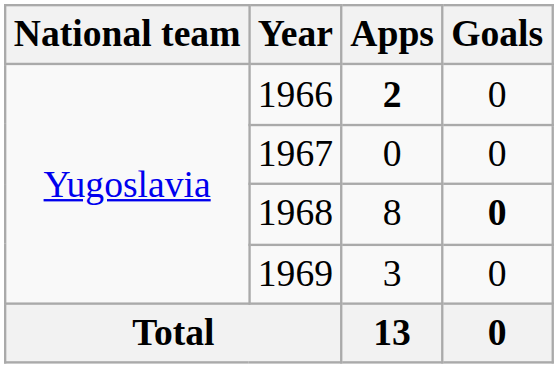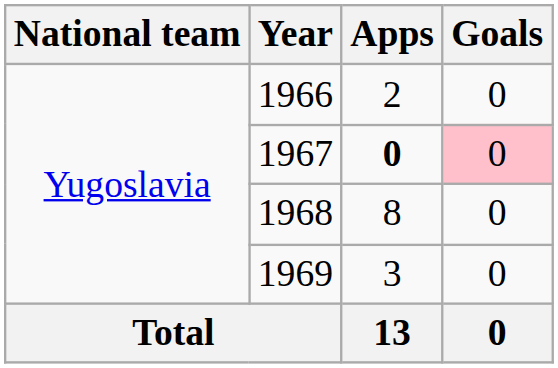 <table class="wikitable" style="text-align:center">
 <tr>
 <th>National team</th>
 <th>Year</th>
 <th>Apps</th>
 <th>Goals</th>
 </tr>
 <tr>
 <td rowspan="4"><a href='#'>Yugoslavia</a></td>
 <td>1966</td>
-<td><strong>2</strong></td>
+<td>2</td>
 <td>0</td>
 </tr>
 <tr>
 <td>1967</td>
-<td>0</td>
-<td>0</td>
+<td><strong>0</strong></td>
+<td style="background: pink;">0</td>
 </tr>
 <tr>
 <td>1968</td>
 <td>8</td>
-<td><strong>0</strong></td>
+<td>0</td>
 </tr>
 <tr>
 <td>1969</td>
 <td>3</td>
 <td>0</td>
 </tr>
 <tr>
 <th colspan="2">Total</th>
 <th>13</th>
 <th>0</th>
 </tr>
 </table>
